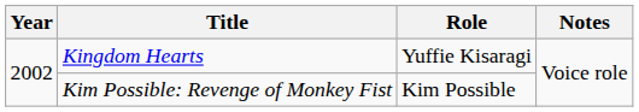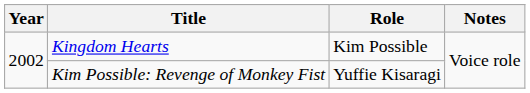 <table class="wikitable sortable">
 <tr>
 <th>Year</th>
 <th>Title</th>
 <th>Role</th>
 <th class="unsortable">Notes</th>
 </tr>
 <tr>
 <td rowspan=2>2002</td>
 <td><em><a href='#'>Kingdom Hearts</a></em></td>
-<td>Yuffie Kisaragi</td>
+<td>Kim Possible</td>
 <td rowspan=2>Voice role</td>
 </tr>
 <tr>
 <td><em>Kim Possible: Revenge of Monkey Fist</em></td>
-<td>Kim Possible</td>
+<td>Yuffie Kisaragi</td>
 </tr>
 </table>
